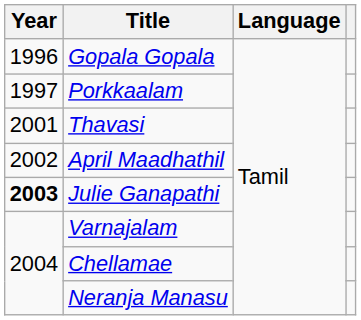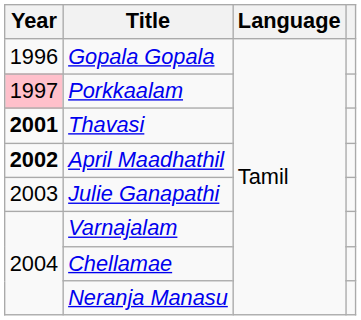 <table class="wikitable sortable">
 <tr>
 <th scope="col">Year</th>
 <th scope="col">Title</th>
 <th scope="col">Language</th>
 <th class="unsortable" scope="col"></th>
 </tr>
 <tr>
 <td>1996</td>
 <td><em><a href='#'>Gopala Gopala</a></em></td>
 <td rowspan="8">Tamil</td>
 <td></td>
 </tr>
 <tr>
-<td>1997</td>
+<td style="background: pink;">1997</td>
 <td><em><a href='#'>Porkkaalam</a></em></td>
 <td></td>
 </tr>
 <tr>
-<td>2001</td>
+<td><strong>2001</strong></td>
 <td><em><a href='#'>Thavasi</a></em></td>
 <td></td>
 </tr>
 <tr>
-<td>2002</td>
+<td><strong>2002</strong></td>
 <td><em><a href='#'>April Maadhathil</a></em></td>
 <td></td>
 </tr>
 <tr>
-<td><strong>2003</strong></td>
+<td>2003</td>
 <td><em><a href='#'>Julie Ganapathi</a></em></td>
 <td></td>
 </tr>
 <tr>
 <td rowspan="3">2004</td>
 <td><em><a href='#'>Varnajalam</a></em></td>
 <td></td>
 </tr>
 <tr>
 <td><em><a href='#'>Chellamae</a></em></td>
 <td></td>
 </tr>
 <tr>
 <td><em><a href='#'>Neranja Manasu</a></em></td>
 <td></td>
 </tr>
 </table>
